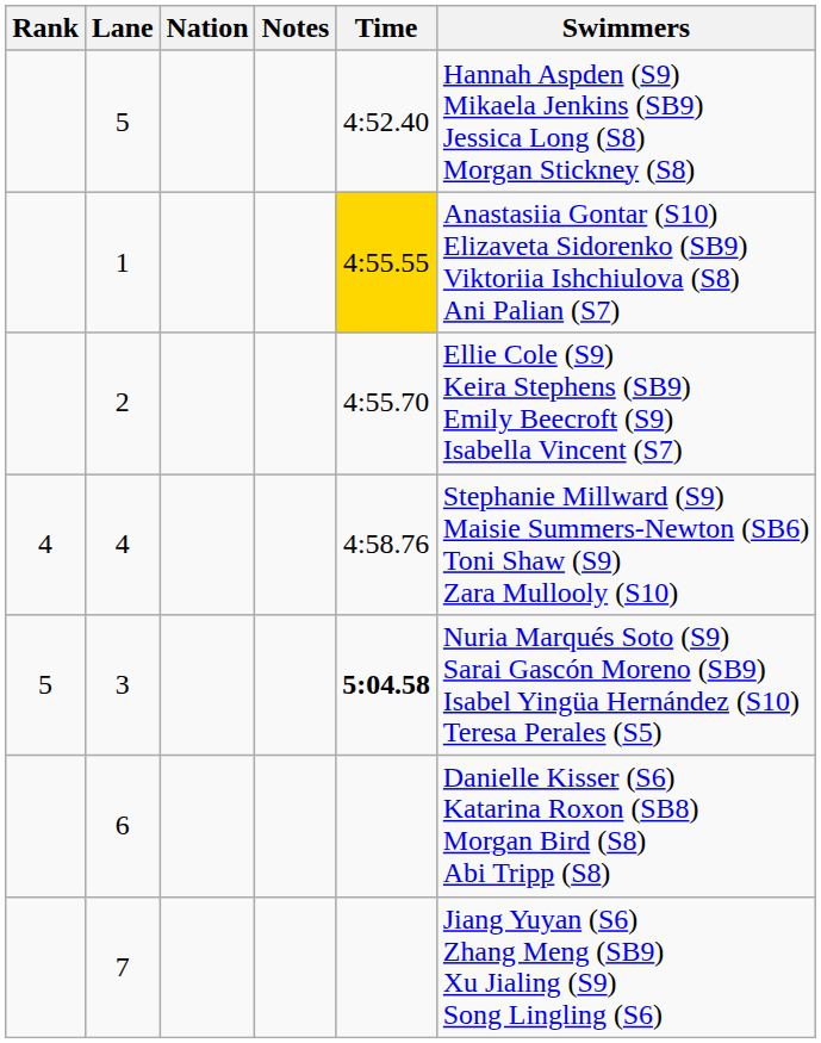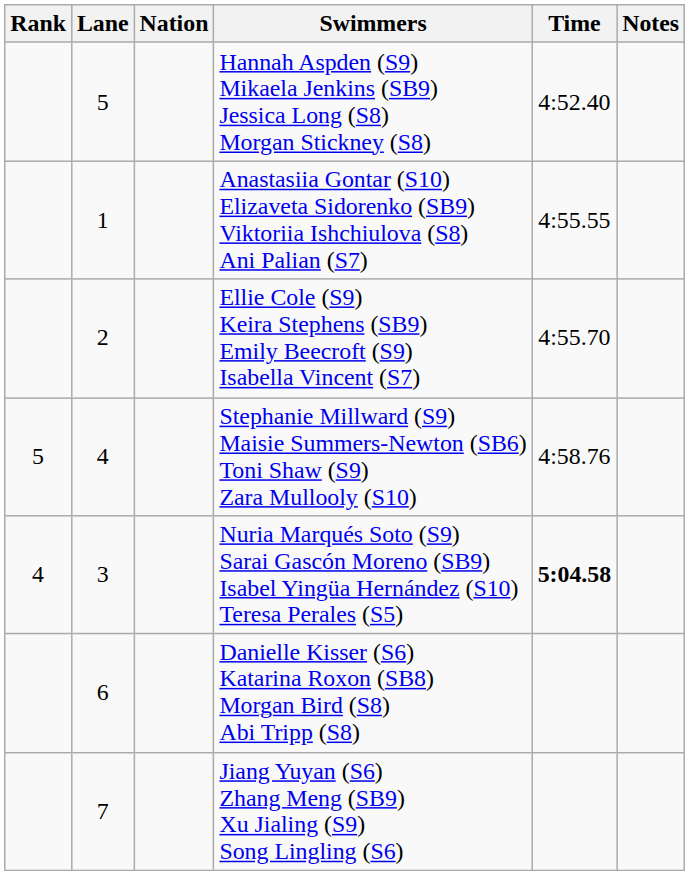 <table class="wikitable sortable" style="text-align:center">
 <tr>
 <th>Rank</th>
 <th>Lane</th>
 <th>Nation</th>
+<th>Swimmers</th>
+<th>Time</th>
 <th>Notes</th>
-<th>Time</th>
-<th>Swimmers</th>
 </tr>
 <tr>
 <td></td>
 <td>5</td>
 <td align=left></td>
+<td align=left><a href='#'>Hannah Aspden</a> (<a href='#'>S9</a>)<br><a href='#'>Mikaela Jenkins</a> (<a href='#'>SB9</a>)<br><a href='#'>Jessica Long</a> (<a href='#'>S8</a>)<br><a href='#'>Morgan Stickney</a> (<a href='#'>S8</a>)</td>
+<td>4:52.40</td>
 <td></td>
-<td>4:52.40</td>
-<td align=left><a href='#'>Hannah Aspden</a> (<a href='#'>S9</a>)<br><a href='#'>Mikaela Jenkins</a> (<a href='#'>SB9</a>)<br><a href='#'>Jessica Long</a> (<a href='#'>S8</a>)<br><a href='#'>Morgan Stickney</a> (<a href='#'>S8</a>)</td>
 </tr>
 <tr>
 <td></td>
 <td>1</td>
 <td align=left></td>
+<td align=left><a href='#'>Anastasiia Gontar</a> (<a href='#'>S10</a>)<br><a href='#'>Elizaveta Sidorenko</a> (<a href='#'>SB9</a>)<br><a href='#'>Viktoriia Ishchiulova</a> (<a href='#'>S8</a>) <br><a href='#'>Ani Palian</a> (<a href='#'>S7</a>)</td>
+<td>4:55.55</td>
 <td></td>
-<td style="background: gold;">4:55.55</td>
-<td align=left><a href='#'>Anastasiia Gontar</a> (<a href='#'>S10</a>)<br><a href='#'>Elizaveta Sidorenko</a> (<a href='#'>SB9</a>)<br><a href='#'>Viktoriia Ishchiulova</a> (<a href='#'>S8</a>) <br><a href='#'>Ani Palian</a> (<a href='#'>S7</a>)</td>
 </tr>
 <tr>
 <td></td>
 <td>2</td>
 <td align=left></td>
+<td align=left><a href='#'>Ellie Cole</a> (<a href='#'>S9</a>)<br><a href='#'>Keira Stephens</a> (<a href='#'>SB9</a>)<br><a href='#'>Emily Beecroft</a> (<a href='#'>S9</a>)<br><a href='#'>Isabella Vincent</a> (<a href='#'>S7</a>)</td>
+<td>4:55.70</td>
 <td></td>
-<td>4:55.70</td>
-<td align=left><a href='#'>Ellie Cole</a> (<a href='#'>S9</a>)<br><a href='#'>Keira Stephens</a> (<a href='#'>SB9</a>)<br><a href='#'>Emily Beecroft</a> (<a href='#'>S9</a>)<br><a href='#'>Isabella Vincent</a> (<a href='#'>S7</a>)</td>
+</tr>
+<tr>
+<td>5</td>
+<td>4</td>
+<td align=left></td>
+<td align=left><a href='#'>Stephanie Millward</a> (<a href='#'>S9</a>)<br><a href='#'>Maisie Summers-Newton</a> (<a href='#'>SB6</a>) <br><a href='#'>Toni Shaw</a> (<a href='#'>S9</a>)<br><a href='#'>Zara Mullooly</a> (<a href='#'>S10</a>)</td>
+<td>4:58.76</td>
+<td></td>
 </tr>
 <tr>
 <td>4</td>
-<td>4</td>
-<td align=left></td>
-<td></td>
-<td>4:58.76</td>
-<td align=left><a href='#'>Stephanie Millward</a> (<a href='#'>S9</a>)<br><a href='#'>Maisie Summers-Newton</a> (<a href='#'>SB6</a>) <br><a href='#'>Toni Shaw</a> (<a href='#'>S9</a>)<br><a href='#'>Zara Mullooly</a> (<a href='#'>S10</a>)</td>
-</tr>
-<tr>
-<td>5</td>
 <td>3</td>
 <td align=left></td>
+<td align=left><a href='#'>Nuria Marqués Soto</a> (<a href='#'>S9</a>)<br><a href='#'>Sarai Gascón Moreno</a> (<a href='#'>SB9</a>)<br><a href='#'>Isabel Yingüa Hernández</a> (<a href='#'>S10</a>)<br><a href='#'>Teresa Perales</a> (<a href='#'>S5</a>)</td>
+<td><strong>5:04.58</strong></td>
 <td></td>
-<td><strong>5:04.58</strong></td>
-<td align=left><a href='#'>Nuria Marqués Soto</a> (<a href='#'>S9</a>)<br><a href='#'>Sarai Gascón Moreno</a> (<a href='#'>SB9</a>)<br><a href='#'>Isabel Yingüa Hernández</a> (<a href='#'>S10</a>)<br><a href='#'>Teresa Perales</a> (<a href='#'>S5</a>)</td>
 </tr>
 <tr>
 <td></td>
 <td>6</td>
 <td align=left></td>
+<td align=left><a href='#'>Danielle Kisser</a> (<a href='#'>S6</a>)<br><a href='#'>Katarina Roxon</a> (<a href='#'>SB8</a>)<br><a href='#'>Morgan Bird</a> (<a href='#'>S8</a>)<br><a href='#'>Abi Tripp</a> (<a href='#'>S8</a>)</td>
 <td></td>
 <td></td>
-<td align=left><a href='#'>Danielle Kisser</a> (<a href='#'>S6</a>)<br><a href='#'>Katarina Roxon</a> (<a href='#'>SB8</a>)<br><a href='#'>Morgan Bird</a> (<a href='#'>S8</a>)<br><a href='#'>Abi Tripp</a> (<a href='#'>S8</a>)</td>
 </tr>
 <tr>
 <td></td>
 <td>7</td>
 <td align=left></td>
+<td align=left><a href='#'>Jiang Yuyan</a> (<a href='#'>S6</a>)<br><a href='#'>Zhang Meng</a> (<a href='#'>SB9</a>)<br><a href='#'>Xu Jialing</a> (<a href='#'>S9</a>)<br><a href='#'>Song Lingling</a> (<a href='#'>S6</a>)</td>
 <td></td>
 <td></td>
-<td align=left><a href='#'>Jiang Yuyan</a> (<a href='#'>S6</a>)<br><a href='#'>Zhang Meng</a> (<a href='#'>SB9</a>)<br><a href='#'>Xu Jialing</a> (<a href='#'>S9</a>)<br><a href='#'>Song Lingling</a> (<a href='#'>S6</a>)</td>
 </tr>
 </table>
